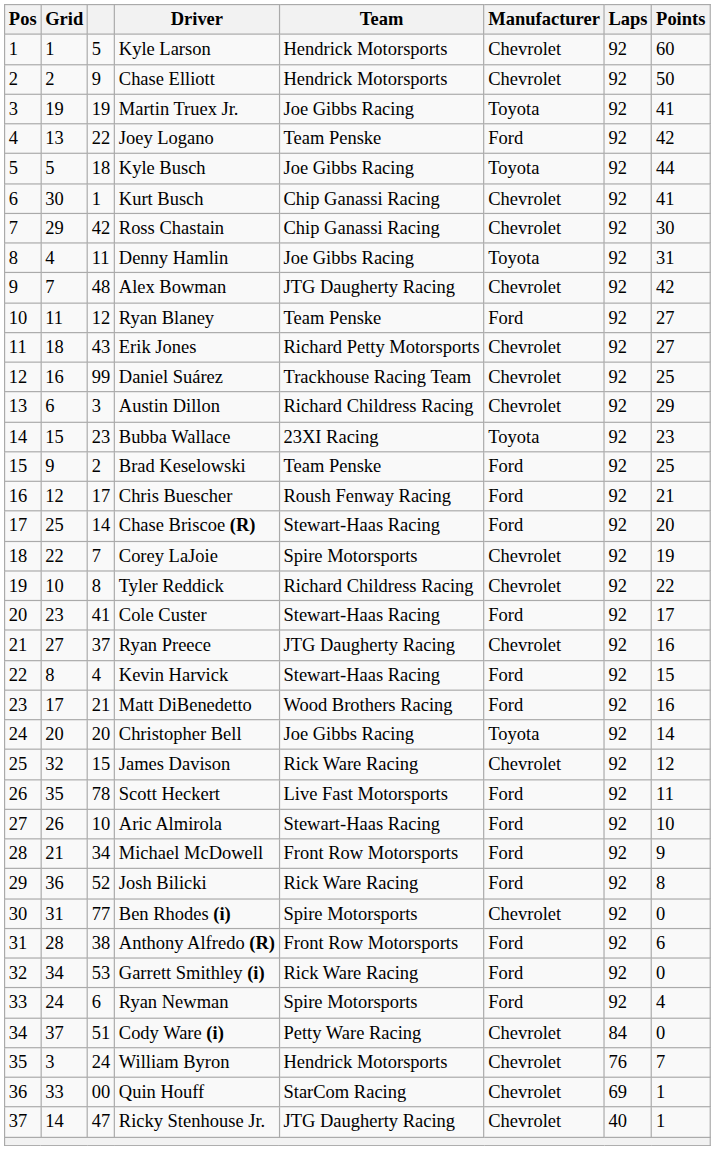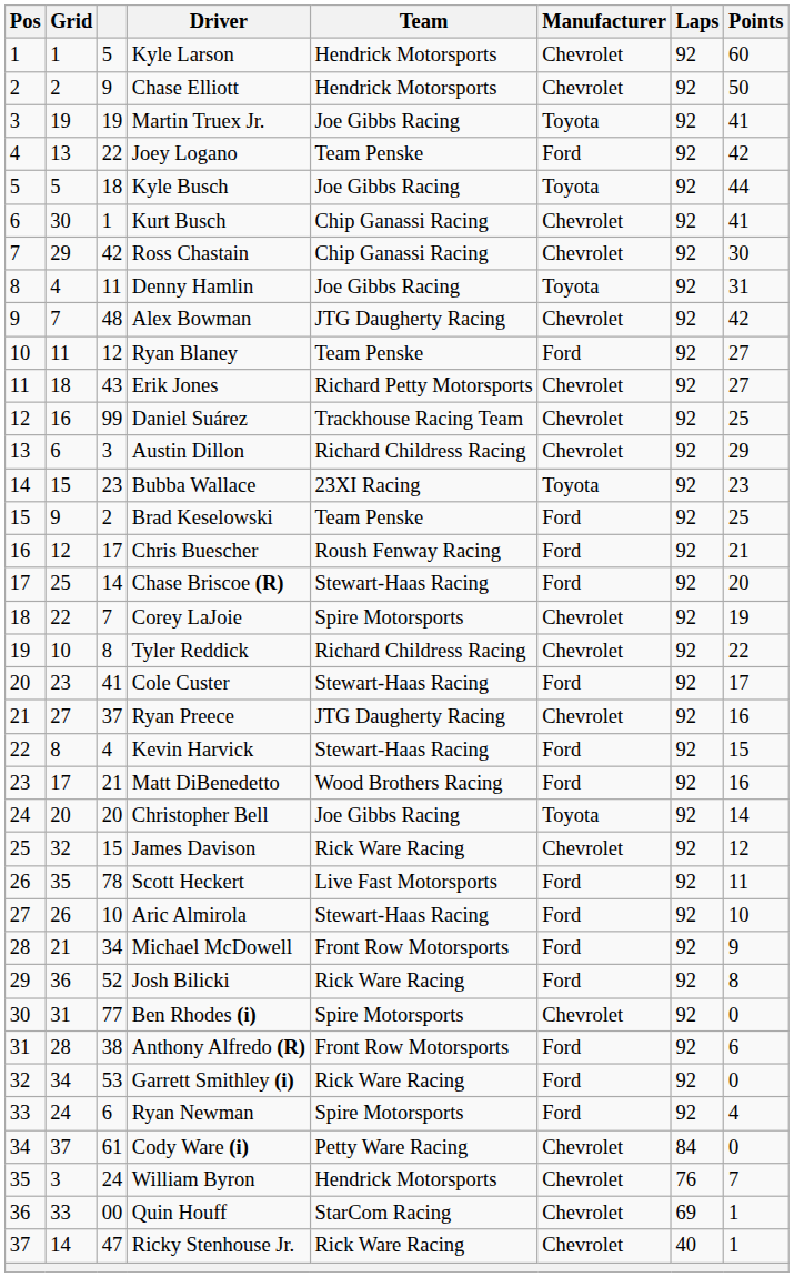 <table class="wikitable" style="font-size:98%">
 <tr>
 <th>Pos</th>
 <th>Grid</th>
 <th></th>
 <th>Driver</th>
 <th>Team</th>
 <th>Manufacturer</th>
 <th>Laps</th>
 <th>Points</th>
 </tr>
 <tr>
 <td>1</td>
 <td>1</td>
 <td>5</td>
 <td>Kyle Larson</td>
 <td>Hendrick Motorsports</td>
 <td>Chevrolet</td>
 <td>92</td>
 <td>60</td>
 </tr>
 <tr>
 <td>2</td>
 <td>2</td>
 <td>9</td>
 <td>Chase Elliott</td>
 <td>Hendrick Motorsports</td>
 <td>Chevrolet</td>
 <td>92</td>
 <td>50</td>
 </tr>
 <tr>
 <td>3</td>
 <td>19</td>
 <td>19</td>
 <td>Martin Truex Jr.</td>
 <td>Joe Gibbs Racing</td>
 <td>Toyota</td>
 <td>92</td>
 <td>41</td>
 </tr>
 <tr>
 <td>4</td>
 <td>13</td>
 <td>22</td>
 <td>Joey Logano</td>
 <td>Team Penske</td>
 <td>Ford</td>
 <td>92</td>
 <td>42</td>
 </tr>
 <tr>
 <td>5</td>
 <td>5</td>
 <td>18</td>
 <td>Kyle Busch</td>
 <td>Joe Gibbs Racing</td>
 <td>Toyota</td>
 <td>92</td>
 <td>44</td>
 </tr>
 <tr>
 <td>6</td>
 <td>30</td>
 <td>1</td>
 <td>Kurt Busch</td>
 <td>Chip Ganassi Racing</td>
 <td>Chevrolet</td>
 <td>92</td>
 <td>41</td>
 </tr>
 <tr>
 <td>7</td>
 <td>29</td>
 <td>42</td>
 <td>Ross Chastain</td>
 <td>Chip Ganassi Racing</td>
 <td>Chevrolet</td>
 <td>92</td>
 <td>30</td>
 </tr>
 <tr>
 <td>8</td>
 <td>4</td>
 <td>11</td>
 <td>Denny Hamlin</td>
 <td>Joe Gibbs Racing</td>
 <td>Toyota</td>
 <td>92</td>
 <td>31</td>
 </tr>
 <tr>
 <td>9</td>
 <td>7</td>
 <td>48</td>
 <td>Alex Bowman</td>
 <td>JTG Daugherty Racing</td>
 <td>Chevrolet</td>
 <td>92</td>
 <td>42</td>
 </tr>
 <tr>
 <td>10</td>
 <td>11</td>
 <td>12</td>
 <td>Ryan Blaney</td>
 <td>Team Penske</td>
 <td>Ford</td>
 <td>92</td>
 <td>27</td>
 </tr>
 <tr>
 <td>11</td>
 <td>18</td>
 <td>43</td>
 <td>Erik Jones</td>
 <td>Richard Petty Motorsports</td>
 <td>Chevrolet</td>
 <td>92</td>
 <td>27</td>
 </tr>
 <tr>
 <td>12</td>
 <td>16</td>
 <td>99</td>
 <td>Daniel Suárez</td>
 <td>Trackhouse Racing Team</td>
 <td>Chevrolet</td>
 <td>92</td>
 <td>25</td>
 </tr>
 <tr>
 <td>13</td>
 <td>6</td>
 <td>3</td>
 <td>Austin Dillon</td>
 <td>Richard Childress Racing</td>
 <td>Chevrolet</td>
 <td>92</td>
 <td>29</td>
 </tr>
 <tr>
 <td>14</td>
 <td>15</td>
 <td>23</td>
 <td>Bubba Wallace</td>
 <td>23XI Racing</td>
 <td>Toyota</td>
 <td>92</td>
 <td>23</td>
 </tr>
 <tr>
 <td>15</td>
 <td>9</td>
 <td>2</td>
 <td>Brad Keselowski</td>
 <td>Team Penske</td>
 <td>Ford</td>
 <td>92</td>
 <td>25</td>
 </tr>
 <tr>
 <td>16</td>
 <td>12</td>
 <td>17</td>
 <td>Chris Buescher</td>
 <td>Roush Fenway Racing</td>
 <td>Ford</td>
 <td>92</td>
 <td>21</td>
 </tr>
 <tr>
 <td>17</td>
 <td>25</td>
 <td>14</td>
 <td>Chase Briscoe <strong>(R)</strong></td>
 <td>Stewart-Haas Racing</td>
 <td>Ford</td>
 <td>92</td>
 <td>20</td>
 </tr>
 <tr>
 <td>18</td>
 <td>22</td>
 <td>7</td>
 <td>Corey LaJoie</td>
 <td>Spire Motorsports</td>
 <td>Chevrolet</td>
 <td>92</td>
 <td>19</td>
 </tr>
 <tr>
 <td>19</td>
 <td>10</td>
 <td>8</td>
 <td>Tyler Reddick</td>
 <td>Richard Childress Racing</td>
 <td>Chevrolet</td>
 <td>92</td>
 <td>22</td>
 </tr>
 <tr>
 <td>20</td>
 <td>23</td>
 <td>41</td>
 <td>Cole Custer</td>
 <td>Stewart-Haas Racing</td>
 <td>Ford</td>
 <td>92</td>
 <td>17</td>
 </tr>
 <tr>
 <td>21</td>
 <td>27</td>
 <td>37</td>
 <td>Ryan Preece</td>
 <td>JTG Daugherty Racing</td>
 <td>Chevrolet</td>
 <td>92</td>
 <td>16</td>
 </tr>
 <tr>
 <td>22</td>
 <td>8</td>
 <td>4</td>
 <td>Kevin Harvick</td>
 <td>Stewart-Haas Racing</td>
 <td>Ford</td>
 <td>92</td>
 <td>15</td>
 </tr>
 <tr>
 <td>23</td>
 <td>17</td>
 <td>21</td>
 <td>Matt DiBenedetto</td>
 <td>Wood Brothers Racing</td>
 <td>Ford</td>
 <td>92</td>
 <td>16</td>
 </tr>
 <tr>
 <td>24</td>
 <td>20</td>
 <td>20</td>
 <td>Christopher Bell</td>
 <td>Joe Gibbs Racing</td>
 <td>Toyota</td>
 <td>92</td>
 <td>14</td>
 </tr>
 <tr>
 <td>25</td>
 <td>32</td>
 <td>15</td>
 <td>James Davison</td>
 <td>Rick Ware Racing</td>
 <td>Chevrolet</td>
 <td>92</td>
 <td>12</td>
 </tr>
 <tr>
 <td>26</td>
 <td>35</td>
 <td>78</td>
 <td>Scott Heckert</td>
 <td>Live Fast Motorsports</td>
 <td>Ford</td>
 <td>92</td>
 <td>11</td>
 </tr>
 <tr>
 <td>27</td>
 <td>26</td>
 <td>10</td>
 <td>Aric Almirola</td>
 <td>Stewart-Haas Racing</td>
 <td>Ford</td>
 <td>92</td>
 <td>10</td>
 </tr>
 <tr>
 <td>28</td>
 <td>21</td>
 <td>34</td>
 <td>Michael McDowell</td>
 <td>Front Row Motorsports</td>
 <td>Ford</td>
 <td>92</td>
 <td>9</td>
 </tr>
 <tr>
 <td>29</td>
 <td>36</td>
 <td>52</td>
 <td>Josh Bilicki</td>
 <td>Rick Ware Racing</td>
 <td>Ford</td>
 <td>92</td>
 <td>8</td>
 </tr>
 <tr>
 <td>30</td>
 <td>31</td>
 <td>77</td>
 <td>Ben Rhodes <strong>(i)</strong></td>
 <td>Spire Motorsports</td>
 <td>Chevrolet</td>
 <td>92</td>
 <td>0</td>
 </tr>
 <tr>
 <td>31</td>
 <td>28</td>
 <td>38</td>
 <td>Anthony Alfredo <strong>(R)</strong></td>
 <td>Front Row Motorsports</td>
 <td>Ford</td>
 <td>92</td>
 <td>6</td>
 </tr>
 <tr>
 <td>32</td>
 <td>34</td>
 <td>53</td>
 <td>Garrett Smithley <strong>(i)</strong></td>
 <td>Rick Ware Racing</td>
 <td>Ford</td>
 <td>92</td>
 <td>0</td>
 </tr>
 <tr>
 <td>33</td>
 <td>24</td>
 <td>6</td>
 <td>Ryan Newman</td>
 <td>Spire Motorsports</td>
 <td>Ford</td>
 <td>92</td>
 <td>4</td>
 </tr>
 <tr>
 <td>34</td>
 <td>37</td>
-<td>51</td>
+<td>61</td>
 <td>Cody Ware <strong>(i)</strong></td>
 <td>Petty Ware Racing</td>
 <td>Chevrolet</td>
 <td>84</td>
 <td>0</td>
 </tr>
 <tr>
 <td>35</td>
 <td>3</td>
 <td>24</td>
 <td>William Byron</td>
 <td>Hendrick Motorsports</td>
 <td>Chevrolet</td>
 <td>76</td>
 <td>7</td>
 </tr>
 <tr>
 <td>36</td>
 <td>33</td>
 <td>00</td>
 <td>Quin Houff</td>
 <td>StarCom Racing</td>
 <td>Chevrolet</td>
 <td>69</td>
 <td>1</td>
 </tr>
 <tr>
 <td>37</td>
 <td>14</td>
 <td>47</td>
 <td>Ricky Stenhouse Jr.</td>
-<td>JTG Daugherty Racing</td>
+<td>Rick Ware Racing</td>
 <td>Chevrolet</td>
 <td>40</td>
 <td>1</td>
 </tr>
 <tr>
 <th colspan="8"></th>
 </tr>
 </table>
